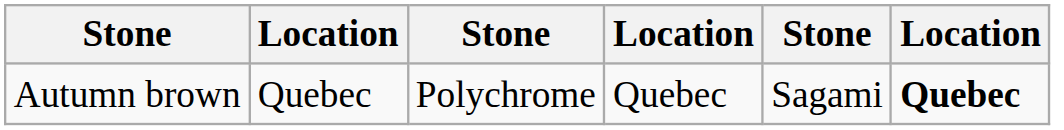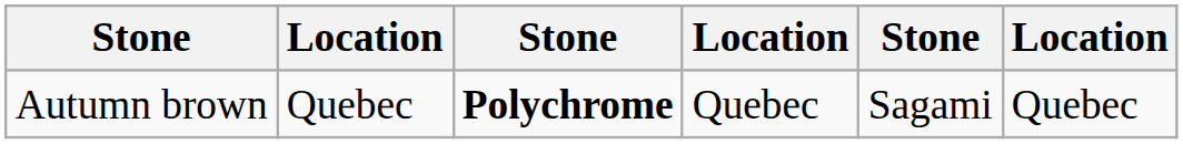 <table class="wikitable">
 <tr>
 <th>Stone</th>
 <th>Location</th>
 <th>Stone</th>
 <th>Location</th>
 <th>Stone</th>
 <th>Location</th>
 </tr>
 <tr>
 <td>Autumn brown</td>
 <td>Quebec</td>
-<td>Polychrome</td>
+<td><strong>Polychrome</strong></td>
 <td>Quebec</td>
 <td>Sagami</td>
-<td><strong>Quebec</strong></td>
+<td>Quebec</td>
 </tr>
 </table>
